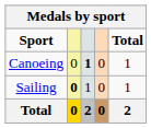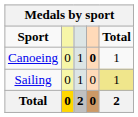 <table class="wikitable" style="font-size:85%; float:right;">
 <tr style="background:#efefef;">
 <th colspan=7><strong>Medals by sport</strong></th>
 </tr>
 <tr align=center>
 <td><strong>Sport</strong></td>
 <td style="background:#f7f6a8;"></td>
 <td style="background:#dce5e5;"></td>
 <td style="background:#ffdab9;"></td>
 <td><strong>Total</strong></td>
 </tr>
 <tr align=center>
 <td><a href='#'>Canoeing</a></td>
 <td style="background:#f7f6a8;">0</td>
-<td style="background:#dce5e5;"><strong>1</strong></td>
-<td style="background:#ffdab9;">0</td>
+<td style="background:#dce5e5;">1</td>
+<td style="background:#ffdab9;"><strong>0</strong></td>
 <td>1</td>
 </tr>
 <tr align=center>
 <td><a href='#'>Sailing</a></td>
-<td style="background:#f7f6a8;"><strong>0</strong></td>
+<td style="background:#f7f6a8;">0</td>
 <td style="background:#dce5e5;">1</td>
 <td style="background:#ffdab9;">0</td>
-<td>1</td>
+<td style="background: khaki;">1</td>
 </tr>
 <tr align=center>
 <th><strong>Total</strong></th>
 <th style="background:gold;"><strong>0</strong></th>
 <th style="background:silver;"><strong>2</strong></th>
 <th style="background:#c96;"><strong>0</strong></th>
 <th><strong>2</strong></th>
 </tr>
 </table>
